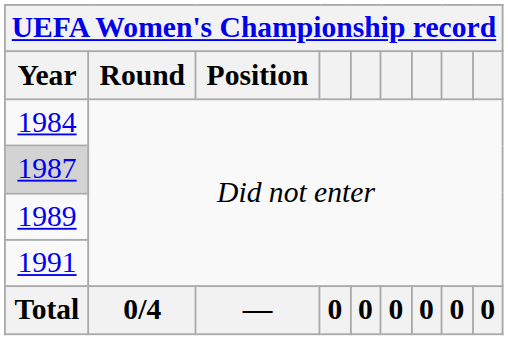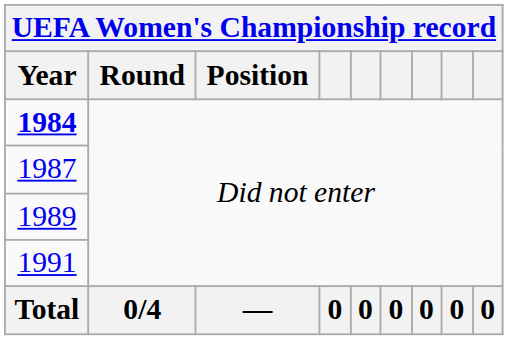 <table class="wikitable" style="text-align:center;">
 <tr>
 <th colspan="9"><a href='#'>UEFA Women's Championship record</a></th>
 </tr>
 <tr>
 <th>Year</th>
 <th>Round</th>
 <th>Position</th>
 <th></th>
 <th></th>
 <th></th>
 <th></th>
 <th></th>
 <th></th>
 </tr>
 <tr>
-<td> <a href='#'>1984</a></td>
+<td><strong> <a href='#'>1984</a></strong></td>
 <td colspan="8" rowspan="4"><em>Did not enter</em></td>
 </tr>
 <tr>
-<td style="background: lightgrey;"> <a href='#'>1987</a></td>
+<td> <a href='#'>1987</a></td>
 </tr>
 <tr>
 <td> <a href='#'>1989</a></td>
 </tr>
 <tr>
 <td> <a href='#'>1991</a></td>
 </tr>
 <tr>
 <th>Total</th>
 <th>0/4</th>
 <th>—</th>
 <th>0</th>
 <th>0</th>
 <th>0</th>
 <th>0</th>
 <th>0</th>
 <th>0</th>
 </tr>
 </table>
